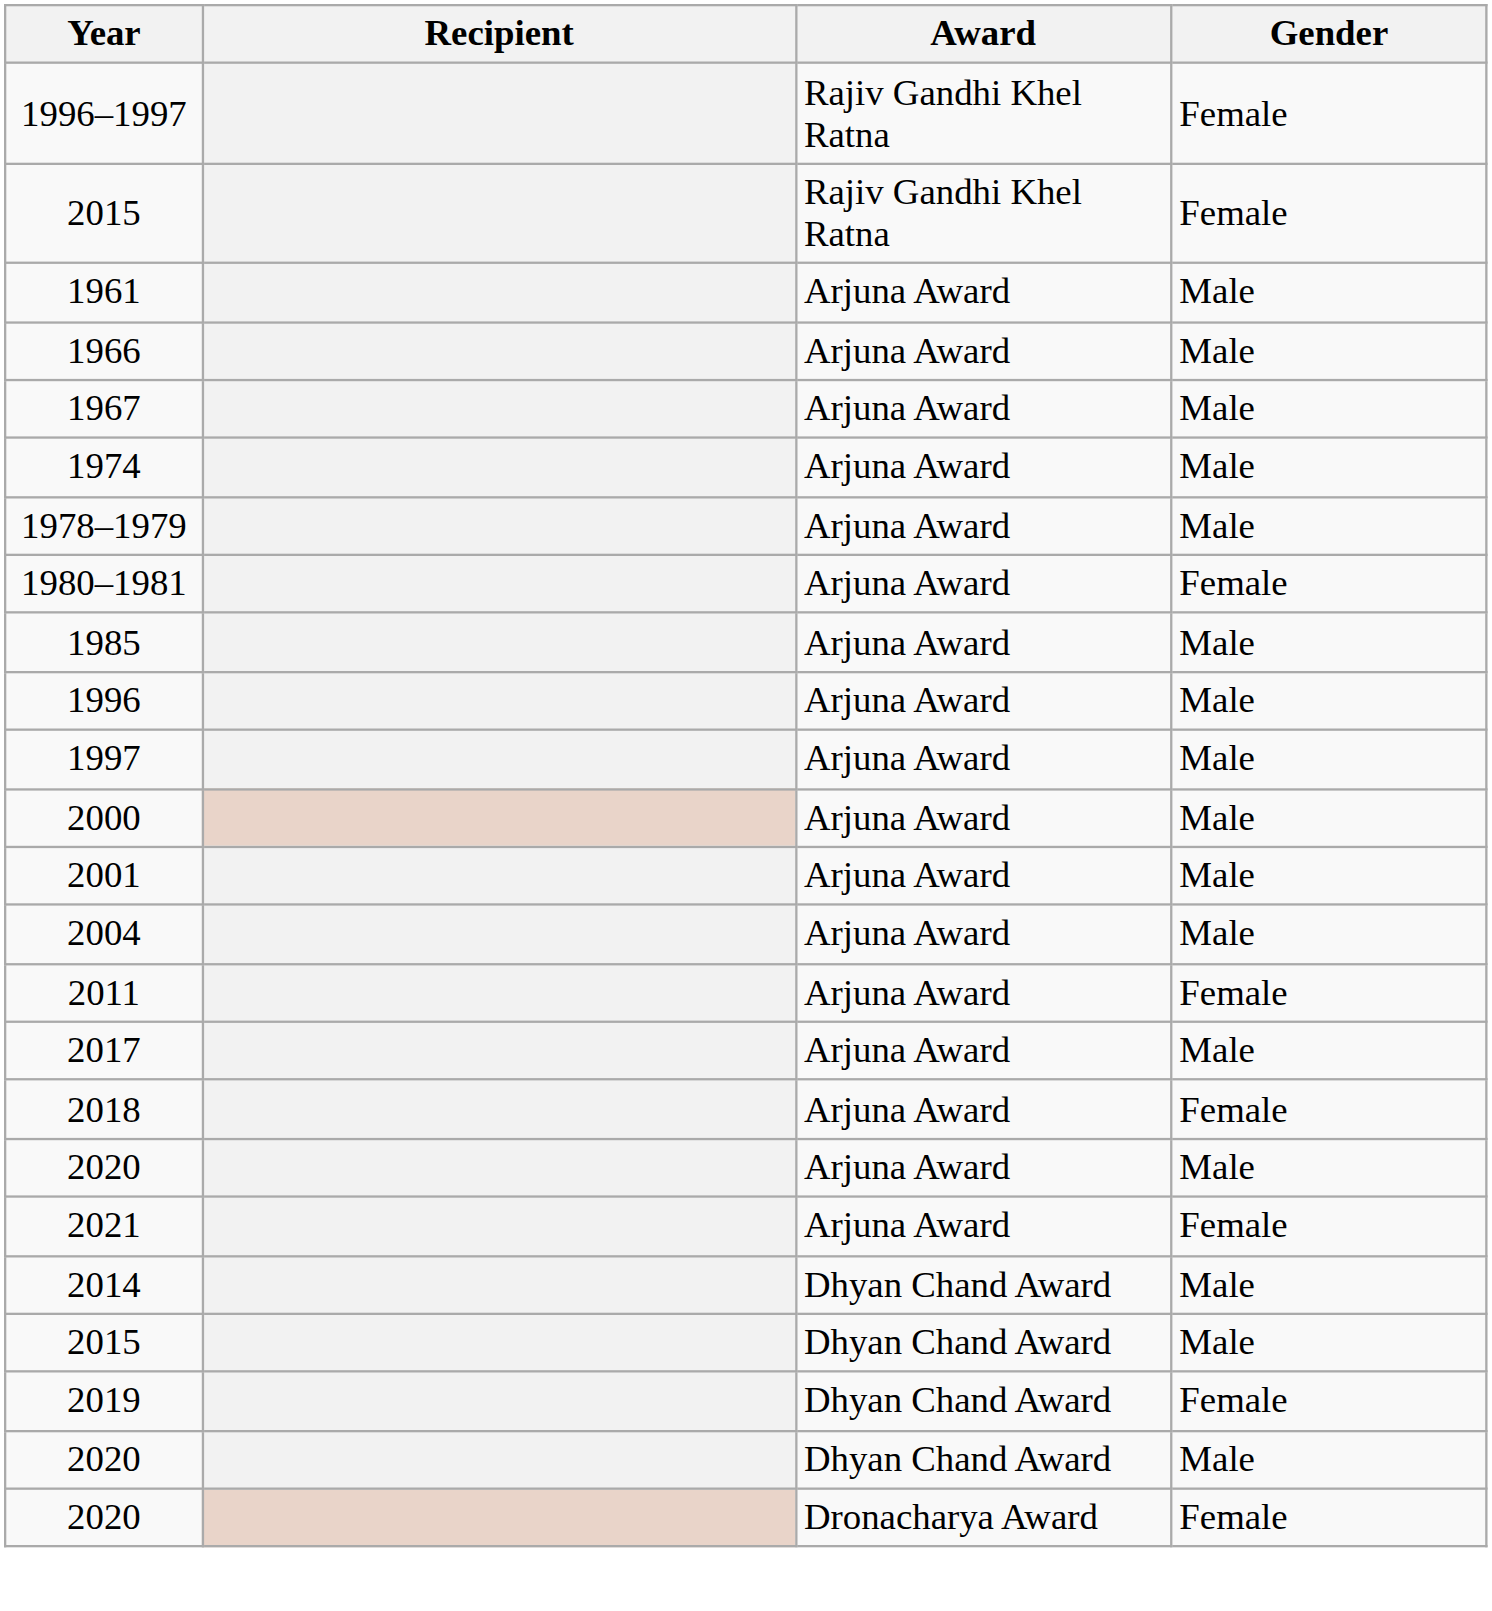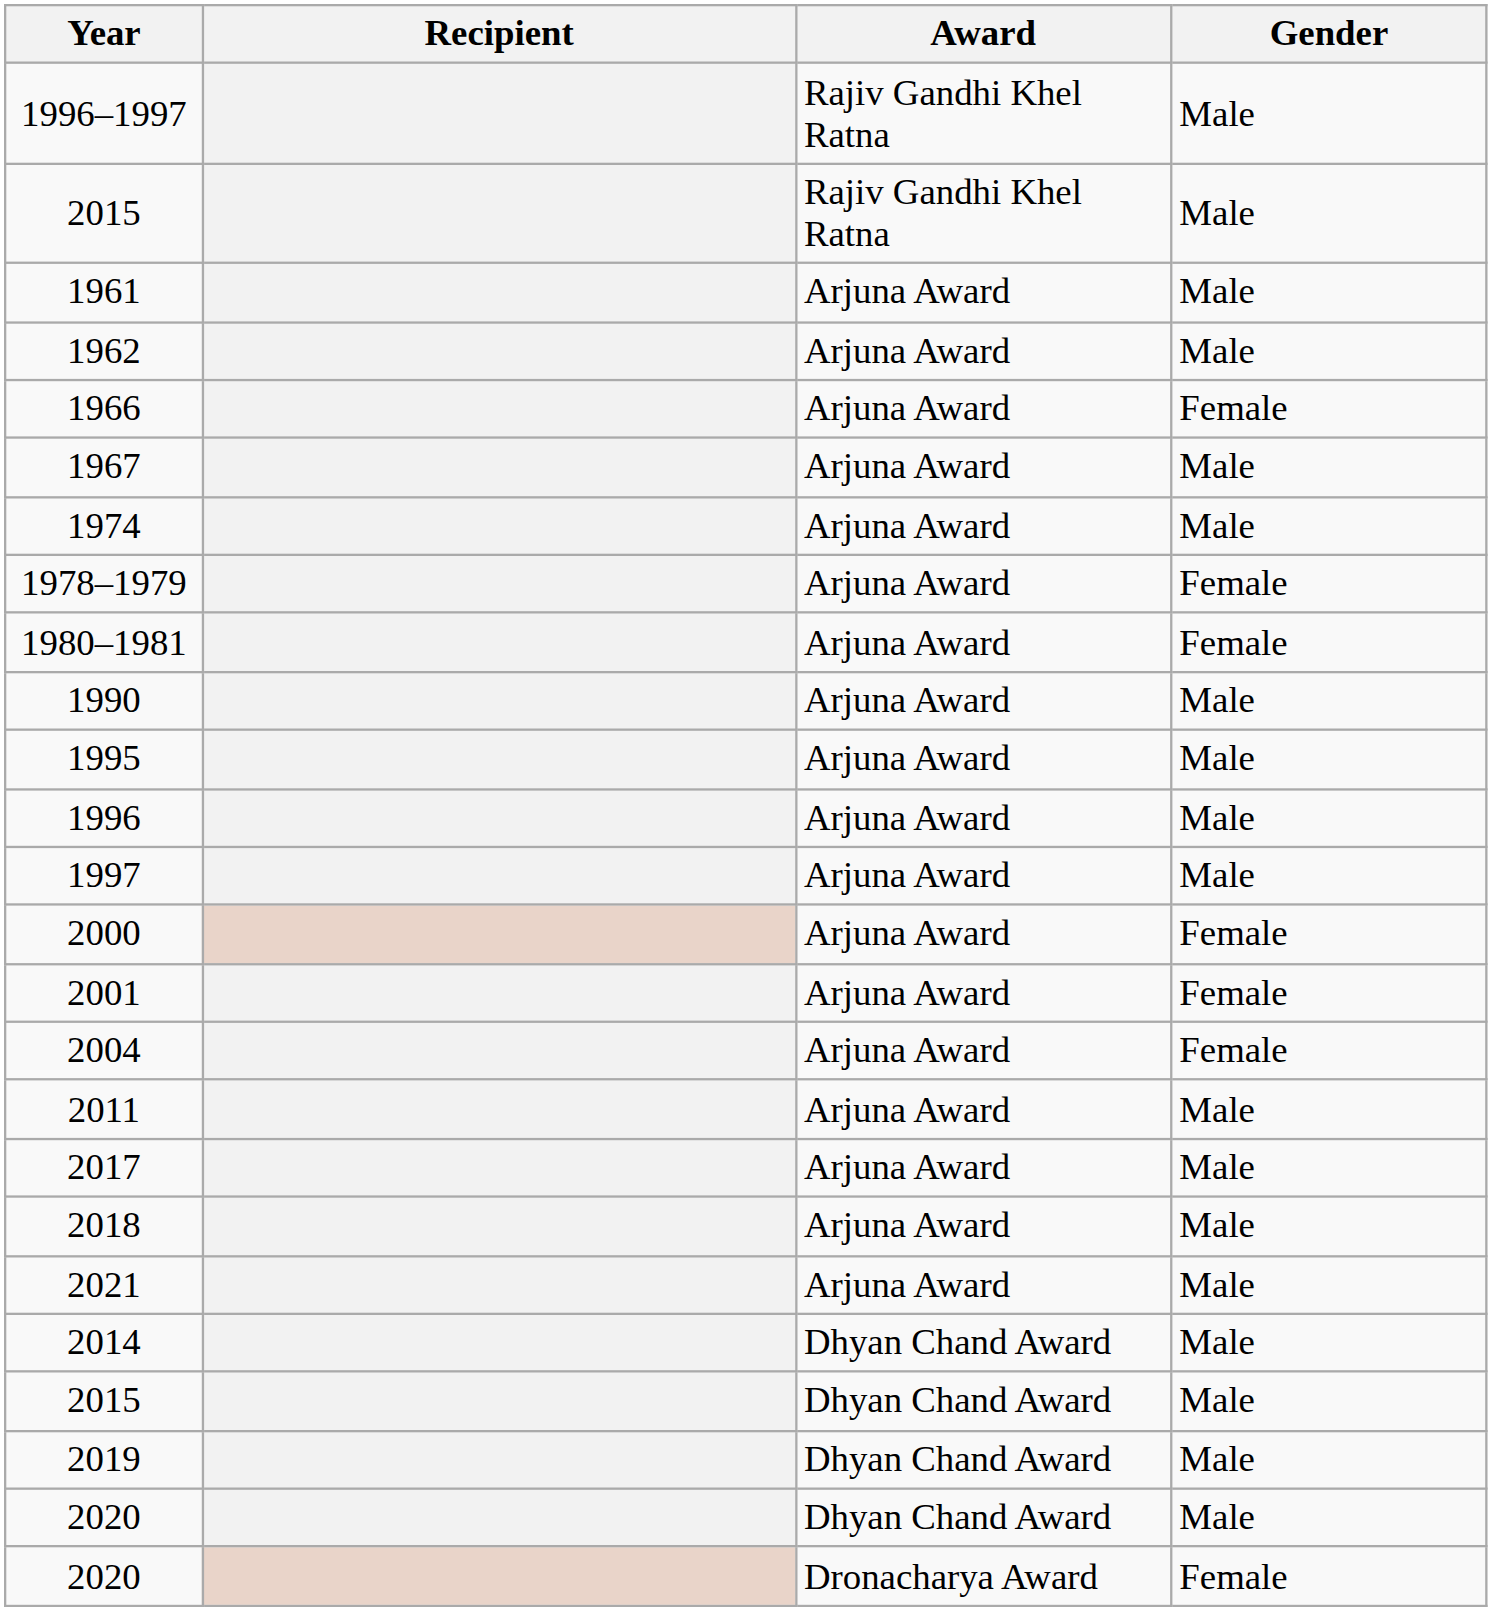 <table class="wikitable plainrowheaders sortable" style="width:73%">
 <tr>
 <th scope="col" style="width:10%">Year</th>
 <th scope="col" style="width:30%">Recipient</th>
 <th scope="col" style="width:19%">Award</th>
 <th scope="col" style="width:16%">Gender</th>
 </tr>
 <tr>
 <td style="text-align:center;">1996–1997</td>
 <th scope="row"></th>
 <td>Rajiv Gandhi Khel Ratna</td>
-<td>Female</td>
+<td>Male</td>
 </tr>
 <tr>
 <td style="text-align:center;">2015</td>
 <th scope="row"></th>
 <td>Rajiv Gandhi Khel Ratna</td>
-<td>Female</td>
+<td>Male</td>
 </tr>
 <tr>
 <td style="text-align:center;">1961</td>
 <th scope="row"></th>
 <td>Arjuna Award</td>
 <td>Male</td>
 </tr>
 <tr>
+<td style="text-align:center;">1962</td>
+<th scope="row"></th>
+<td>Arjuna Award</td>
+<td>Male</td>
+</tr>
+<tr>
 <td style="text-align:center;">1966</td>
 <th scope="row"></th>
 <td>Arjuna Award</td>
-<td>Male</td>
+<td>Female</td>
 </tr>
 <tr>
 <td style="text-align:center;">1967</td>
 <th scope="row"></th>
 <td>Arjuna Award</td>
 <td>Male</td>
 </tr>
 <tr>
 <td style="text-align:center;">1974</td>
 <th scope="row"></th>
 <td>Arjuna Award</td>
 <td>Male</td>
 </tr>
 <tr>
 <td style="text-align:center;">1978–1979</td>
 <th scope="row"></th>
 <td>Arjuna Award</td>
-<td>Male</td>
+<td>Female</td>
 </tr>
 <tr>
 <td style="text-align:center;">1980–1981</td>
 <th scope="row"></th>
 <td>Arjuna Award</td>
 <td>Female</td>
 </tr>
 <tr>
-<td style="text-align:center;">1985</td>
+<td style="text-align:center;">1990</td>
+<th scope="row"></th>
+<td>Arjuna Award</td>
+<td>Male</td>
+</tr>
+<tr>
+<td style="text-align:center;">1995</td>
 <th scope="row"></th>
 <td>Arjuna Award</td>
 <td>Male</td>
 </tr>
 <tr>
 <td style="text-align:center;">1996</td>
 <th scope="row"></th>
 <td>Arjuna Award</td>
 <td>Male</td>
 </tr>
 <tr>
 <td style="text-align:center;">1997</td>
 <th scope="row"></th>
 <td>Arjuna Award</td>
 <td>Male</td>
 </tr>
 <tr>
 <td style="text-align:center;">2000</td>
 <th scope="row" style="background-color:#E9D4C9"> </th>
 <td>Arjuna Award</td>
-<td>Male</td>
+<td>Female</td>
 </tr>
 <tr>
 <td style="text-align:center;">2001</td>
 <th scope="row"></th>
 <td>Arjuna Award</td>
-<td>Male</td>
+<td>Female</td>
 </tr>
 <tr>
 <td style="text-align:center;">2004</td>
 <th scope="row"></th>
 <td>Arjuna Award</td>
-<td>Male</td>
+<td>Female</td>
 </tr>
 <tr>
 <td style="text-align:center;">2011</td>
 <th scope="row"></th>
 <td>Arjuna Award</td>
-<td>Female</td>
+<td>Male</td>
 </tr>
 <tr>
 <td style="text-align:center;">2017</td>
 <th scope="row"></th>
 <td>Arjuna Award</td>
 <td>Male</td>
 </tr>
 <tr>
 <td style="text-align:center;">2018</td>
 <th scope="row"></th>
 <td>Arjuna Award</td>
-<td>Female</td>
-</tr>
-<tr>
-<td style="text-align:center;">2020</td>
-<th scope="row"></th>
-<td>Arjuna Award</td>
 <td>Male</td>
 </tr>
 <tr>
 <td style="text-align:center;">2021</td>
 <th scope="row"></th>
 <td>Arjuna Award</td>
-<td>Female</td>
+<td>Male</td>
 </tr>
 <tr>
 <td style="text-align:center;">2014</td>
 <th scope="row"></th>
 <td>Dhyan Chand Award</td>
 <td>Male</td>
 </tr>
 <tr>
 <td style="text-align:center;">2015</td>
 <th scope="row"></th>
 <td>Dhyan Chand Award</td>
 <td>Male</td>
 </tr>
 <tr>
 <td style="text-align:center;">2019</td>
 <th scope="row"></th>
 <td>Dhyan Chand Award</td>
-<td>Female</td>
+<td>Male</td>
 </tr>
 <tr>
 <td style="text-align:center;">2020</td>
 <th scope="row"></th>
 <td>Dhyan Chand Award</td>
 <td>Male</td>
 </tr>
 <tr>
 <td style="text-align:center;">2020</td>
 <th scope="row" style="background-color:#E9D4C9"> </th>
 <td>Dronacharya Award</td>
 <td>Female</td>
 </tr>
 </table>
